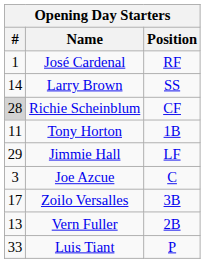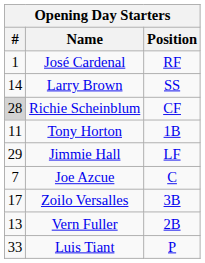 <table class="wikitable" style="text-align:center">
 <tr>
 <th colspan="3">Opening Day Starters</th>
 </tr>
 <tr>
 <th>#</th>
 <th>Name</th>
 <th>Position</th>
 </tr>
 <tr>
 <td>1</td>
 <td><a href='#'>José Cardenal</a></td>
 <td><a href='#'>RF</a></td>
 </tr>
 <tr>
 <td>14</td>
 <td><a href='#'>Larry Brown</a></td>
 <td><a href='#'>SS</a></td>
 </tr>
 <tr>
 <td style="background: lightgrey;">28</td>
 <td><a href='#'>Richie Scheinblum</a></td>
 <td><a href='#'>CF</a></td>
 </tr>
 <tr>
 <td>11</td>
 <td><a href='#'>Tony Horton</a></td>
 <td><a href='#'>1B</a></td>
 </tr>
 <tr>
 <td>29</td>
 <td><a href='#'>Jimmie Hall</a></td>
 <td><a href='#'>LF</a></td>
 </tr>
 <tr>
-<td>3</td>
+<td>7</td>
 <td><a href='#'>Joe Azcue</a></td>
 <td><a href='#'>C</a></td>
 </tr>
 <tr>
 <td>17</td>
 <td><a href='#'>Zoilo Versalles</a></td>
 <td><a href='#'>3B</a></td>
 </tr>
 <tr>
 <td>13</td>
 <td><a href='#'>Vern Fuller</a></td>
 <td><a href='#'>2B</a></td>
 </tr>
 <tr>
 <td>33</td>
 <td><a href='#'>Luis Tiant</a></td>
 <td><a href='#'>P</a></td>
 </tr>
 </table>
